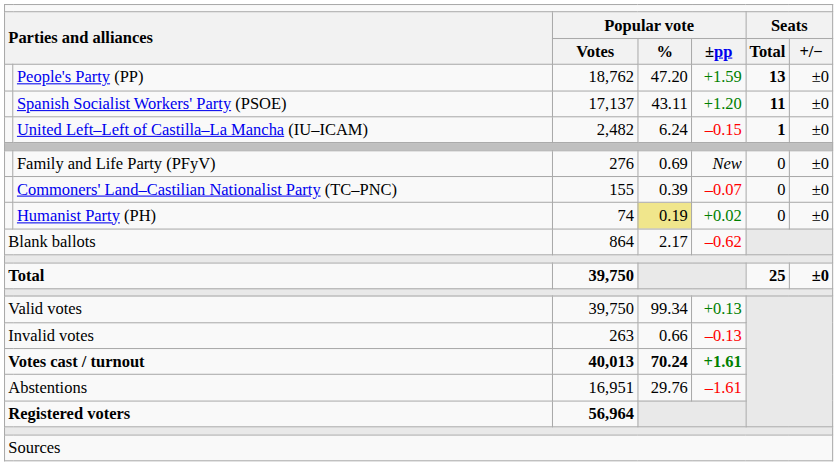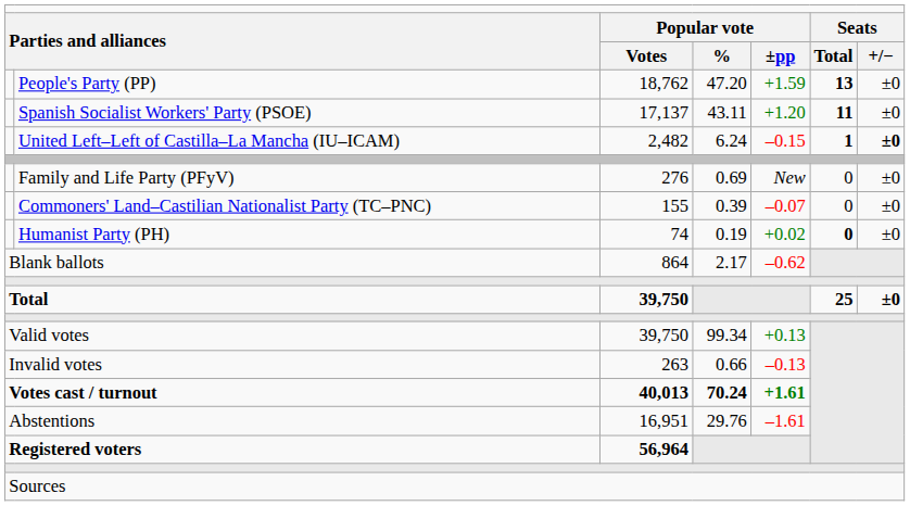 <table class="wikitable" style="text-align:right;">
 <tr>
 <td colspan="7"></td>
 </tr>
 <tr>
 <th style="text-align:left;" rowspan="2" colspan="2" width="525">Parties and alliances</th>
 <th colspan="3">Popular vote</th>
 <th colspan="2">Seats</th>
 </tr>
 <tr>
 <th width="75">Votes</th>
 <th width="45">%</th>
 <th width="45">±<a href='#'>pp</a></th>
 <th width="35">Total</th>
 <th width="35">+/−</th>
 </tr>
 <tr>
 <td width="1" style="color:inherit;background:"></td>
 <td align="left"><a href='#'>People's Party</a> (PP)</td>
 <td>18,762</td>
 <td>47.20</td>
 <td style="color:green;">+1.59</td>
 <td><strong>13</strong></td>
 <td>±0</td>
 </tr>
 <tr>
 <td style="color:inherit;background:"></td>
 <td align="left"><a href='#'>Spanish Socialist Workers' Party</a> (PSOE)</td>
 <td>17,137</td>
 <td>43.11</td>
 <td style="color:green;">+1.20</td>
 <td><strong>11</strong></td>
 <td>±0</td>
 </tr>
 <tr>
 <td style="color:inherit;background:"></td>
 <td align="left"><a href='#'>United Left–Left of Castilla–La Mancha</a> (IU–ICAM)</td>
 <td>2,482</td>
 <td>6.24</td>
 <td style="color:red;">–0.15</td>
 <td><strong>1</strong></td>
-<td>±0</td>
+<td><strong>±0</strong></td>
 </tr>
 <tr>
 <td colspan="7" bgcolor="#C0C0C0"></td>
 </tr>
 <tr>
 <td style="color:inherit;background:"></td>
 <td align="left">Family and Life Party (PFyV)</td>
 <td>276</td>
 <td>0.69</td>
 <td><em>New</em></td>
 <td>0</td>
 <td>±0</td>
 </tr>
 <tr>
 <td style="color:inherit;background:"></td>
 <td align="left"><a href='#'>Commoners' Land–Castilian Nationalist Party</a> (TC–PNC)</td>
 <td>155</td>
 <td>0.39</td>
 <td style="color:red;">–0.07</td>
 <td>0</td>
 <td>±0</td>
 </tr>
 <tr>
 <td style="color:inherit;background:"></td>
 <td align="left"><a href='#'>Humanist Party</a> (PH)</td>
 <td>74</td>
-<td style="background: khaki;">0.19</td>
+<td>0.19</td>
 <td style="color:green;">+0.02</td>
-<td>0</td>
+<td><strong>0</strong></td>
 <td>±0</td>
 </tr>
 <tr>
 <td align="left" colspan="2">Blank ballots</td>
 <td>864</td>
 <td>2.17</td>
 <td style="color:red;">–0.62</td>
 <td bgcolor="#E9E9E9" colspan="2"></td>
 </tr>
 <tr>
 <td colspan="7" bgcolor="#E9E9E9"></td>
 </tr>
 <tr style="font-weight:bold;">
 <td align="left" colspan="2">Total</td>
 <td>39,750</td>
 <td bgcolor="#E9E9E9" colspan="2"></td>
 <td>25</td>
 <td>±0</td>
 </tr>
 <tr>
 <td colspan="7" bgcolor="#E9E9E9"></td>
 </tr>
 <tr>
 <td align="left" colspan="2">Valid votes</td>
 <td>39,750</td>
 <td>99.34</td>
 <td style="color:green;">+0.13</td>
 <td bgcolor="#E9E9E9" colspan="2" rowspan="5"></td>
 </tr>
 <tr>
 <td align="left" colspan="2">Invalid votes</td>
 <td>263</td>
 <td>0.66</td>
 <td style="color:red;">–0.13</td>
 </tr>
 <tr style="font-weight:bold;">
 <td align="left" colspan="2">Votes cast / turnout</td>
 <td>40,013</td>
 <td>70.24</td>
 <td style="color:green;">+1.61</td>
 </tr>
 <tr>
 <td align="left" colspan="2">Abstentions</td>
 <td>16,951</td>
 <td>29.76</td>
 <td style="color:red;">–1.61</td>
 </tr>
 <tr style="font-weight:bold;">
 <td align="left" colspan="2">Registered voters</td>
 <td>56,964</td>
 <td bgcolor="#E9E9E9" colspan="2"></td>
 </tr>
 <tr>
 <td colspan="7" bgcolor="#E9E9E9"></td>
 </tr>
 <tr>
 <td align="left" colspan="7">Sources</td>
 </tr>
 </table>
